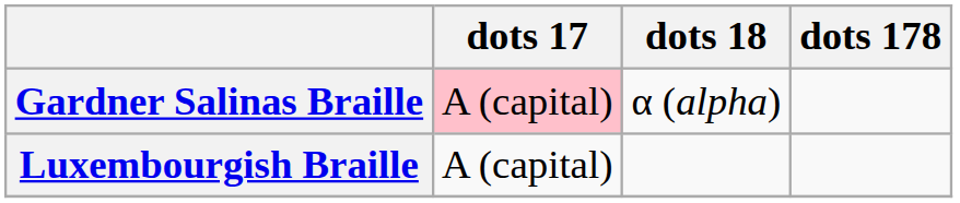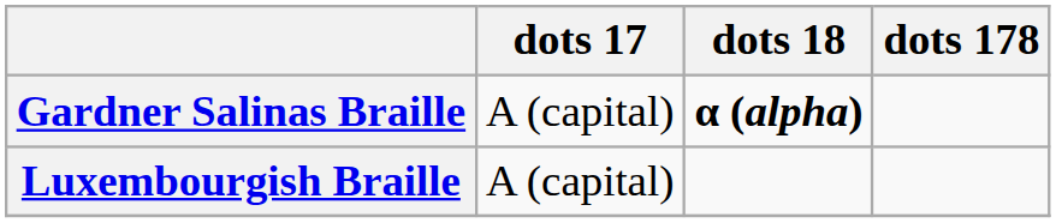 <table class="wikitable">
 <tr>
 <th></th>
 <th>dots 17</th>
 <th>dots 18</th>
 <th>dots 178</th>
 </tr>
 <tr>
 <th align=left><a href='#'>Gardner Salinas Braille</a></th>
-<td style="background: pink;">A (capital)</td>
-<td>α (<em>alpha</em>)</td>
+<td>A (capital)</td>
+<td><strong>α (<em>alpha</em>)</strong></td>
 <td></td>
 </tr>
 <tr>
 <th align=left><a href='#'>Luxembourgish Braille</a></th>
 <td>A (capital)</td>
 <td></td>
 <td></td>
 </tr>
 <tr>
 </tr>
 </table>
